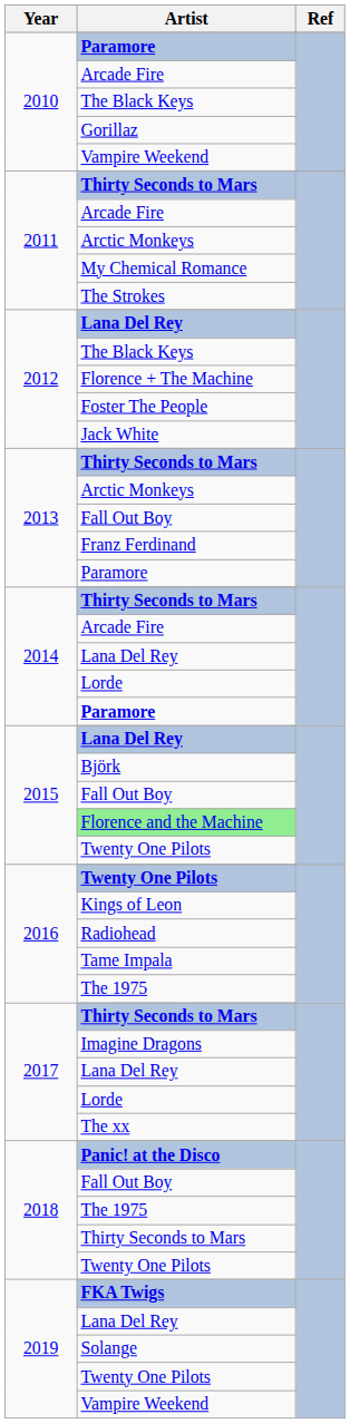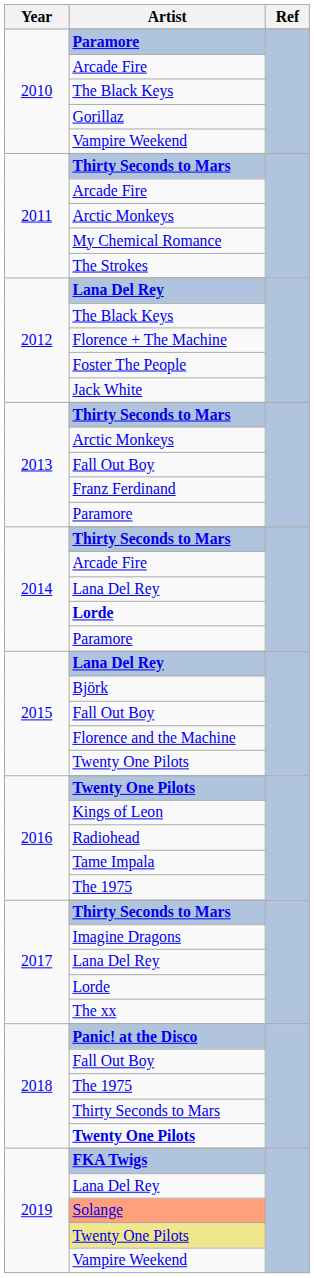 <table class="wikitable" style="width:50%;">
 <tr style="background:#bebebe;">
 <th style="width:10%;">Year</th>
 <th style="width:35%;">Artist</th>
 <th style="width:5%;">Ref</th>
 </tr>
 <tr>
 <td rowspan="6" align="center"><a href='#'>2010</a></td>
 </tr>
 <tr style="background:#B0C4DE">
 <td><strong><a href='#'>Paramore</a></strong></td>
 <td rowspan="6" align="center"></td>
 </tr>
 <tr>
 <td><a href='#'>Arcade Fire</a></td>
 </tr>
 <tr>
 <td><a href='#'>The Black Keys</a></td>
 </tr>
 <tr>
 <td><a href='#'>Gorillaz</a></td>
 </tr>
 <tr>
 <td><a href='#'>Vampire Weekend</a></td>
 </tr>
 <tr>
 <td rowspan="6" align="center"><a href='#'>2011</a></td>
 </tr>
 <tr style="background:#B0C4DE">
 <td><strong><a href='#'>Thirty Seconds to Mars</a></strong></td>
 <td rowspan="6" align="center"></td>
 </tr>
 <tr>
 <td><a href='#'>Arcade Fire</a></td>
 </tr>
 <tr>
 <td><a href='#'>Arctic Monkeys</a></td>
 </tr>
 <tr>
 <td><a href='#'>My Chemical Romance</a></td>
 </tr>
 <tr>
 <td><a href='#'>The Strokes</a></td>
 </tr>
 <tr>
 <td rowspan="6" align="center"><a href='#'>2012</a></td>
 </tr>
 <tr style="background:#B0C4DE">
 <td><strong><a href='#'>Lana Del Rey</a></strong></td>
 <td rowspan="6" align="center"></td>
 </tr>
 <tr>
 <td><a href='#'>The Black Keys</a></td>
 </tr>
 <tr>
 <td><a href='#'>Florence + The Machine</a></td>
 </tr>
 <tr>
 <td><a href='#'>Foster The People</a></td>
 </tr>
 <tr>
 <td><a href='#'>Jack White</a></td>
 </tr>
 <tr>
 <td rowspan="6" align="center"><a href='#'>2013</a></td>
 </tr>
 <tr style="background:#B0C4DE">
 <td><strong><a href='#'>Thirty Seconds to Mars</a></strong></td>
 <td rowspan="6" align="center"></td>
 </tr>
 <tr>
 <td><a href='#'>Arctic Monkeys</a></td>
 </tr>
 <tr>
 <td><a href='#'>Fall Out Boy</a></td>
 </tr>
 <tr>
 <td><a href='#'>Franz Ferdinand</a></td>
 </tr>
 <tr>
 <td><a href='#'>Paramore</a></td>
 </tr>
 <tr>
 <td rowspan="6" align="center"><a href='#'>2014</a></td>
 </tr>
 <tr style="background:#B0C4DE">
 <td><strong><a href='#'>Thirty Seconds to Mars</a></strong></td>
 <td rowspan="6" align="center"></td>
 </tr>
 <tr>
 <td><a href='#'>Arcade Fire</a></td>
 </tr>
 <tr>
 <td><a href='#'>Lana Del Rey</a></td>
 </tr>
 <tr>
-<td><a href='#'>Lorde</a></td>
+<td><strong><a href='#'>Lorde</a></strong></td>
 </tr>
 <tr>
-<td><strong><a href='#'>Paramore</a></strong></td>
+<td><a href='#'>Paramore</a></td>
 </tr>
 <tr>
 <td rowspan="6" align="center"><a href='#'>2015</a></td>
 </tr>
 <tr style="background:#B0C4DE">
 <td><strong><a href='#'>Lana Del Rey</a></strong></td>
 <td rowspan="6" align="center"></td>
 </tr>
 <tr>
 <td><a href='#'>Björk</a></td>
 </tr>
 <tr>
 <td><a href='#'>Fall Out Boy</a></td>
 </tr>
 <tr>
-<td style="background: lightgreen;"><a href='#'>Florence and the Machine</a></td>
+<td><a href='#'>Florence and the Machine</a></td>
 </tr>
 <tr>
 <td><a href='#'>Twenty One Pilots</a></td>
 </tr>
 <tr>
 <td rowspan="6" align="center"><a href='#'>2016</a></td>
 </tr>
 <tr style="background:#B0C4DE">
 <td><strong><a href='#'>Twenty One Pilots</a></strong></td>
 <td rowspan="6" align="center"></td>
 </tr>
 <tr>
 <td><a href='#'>Kings of Leon</a></td>
 </tr>
 <tr>
 <td><a href='#'>Radiohead</a></td>
 </tr>
 <tr>
 <td><a href='#'>Tame Impala</a></td>
 </tr>
 <tr>
 <td><a href='#'>The 1975</a></td>
 </tr>
 <tr>
 <td rowspan="6" align="center"><a href='#'>2017</a></td>
 </tr>
 <tr style="background:#B0C4DE">
 <td><strong><a href='#'>Thirty Seconds to Mars</a></strong></td>
 <td rowspan="6" align="center"></td>
 </tr>
 <tr>
 <td><a href='#'>Imagine Dragons</a></td>
 </tr>
 <tr>
 <td><a href='#'>Lana Del Rey</a></td>
 </tr>
 <tr>
 <td><a href='#'>Lorde</a></td>
 </tr>
 <tr>
 <td><a href='#'>The xx</a></td>
 </tr>
 <tr>
 <td rowspan="6" align="center"><a href='#'>2018</a></td>
 </tr>
 <tr style="background:#B0C4DE">
 <td><strong><a href='#'>Panic! at the Disco</a></strong></td>
 <td rowspan="6" align="center"></td>
 </tr>
 <tr>
 <td><a href='#'>Fall Out Boy</a></td>
 </tr>
 <tr>
 <td><a href='#'>The 1975</a></td>
 </tr>
 <tr>
 <td><a href='#'>Thirty Seconds to Mars</a></td>
 </tr>
 <tr>
-<td><a href='#'>Twenty One Pilots</a></td>
+<td><strong><a href='#'>Twenty One Pilots</a></strong></td>
 </tr>
 <tr>
 <td rowspan="6" align="center"><a href='#'>2019</a></td>
 </tr>
 <tr style="background:#B0C4DE">
 <td><strong><a href='#'>FKA Twigs</a></strong></td>
 <td rowspan="6" align="center"></td>
 </tr>
 <tr>
 <td><a href='#'>Lana Del Rey</a></td>
 </tr>
 <tr>
-<td><a href='#'>Solange</a></td>
+<td style="background: lightsalmon;"><a href='#'>Solange</a></td>
 </tr>
 <tr>
-<td><a href='#'>Twenty One Pilots</a></td>
+<td style="background: khaki;"><a href='#'>Twenty One Pilots</a></td>
 </tr>
 <tr>
 <td><a href='#'>Vampire Weekend</a></td>
 </tr>
 </table>
